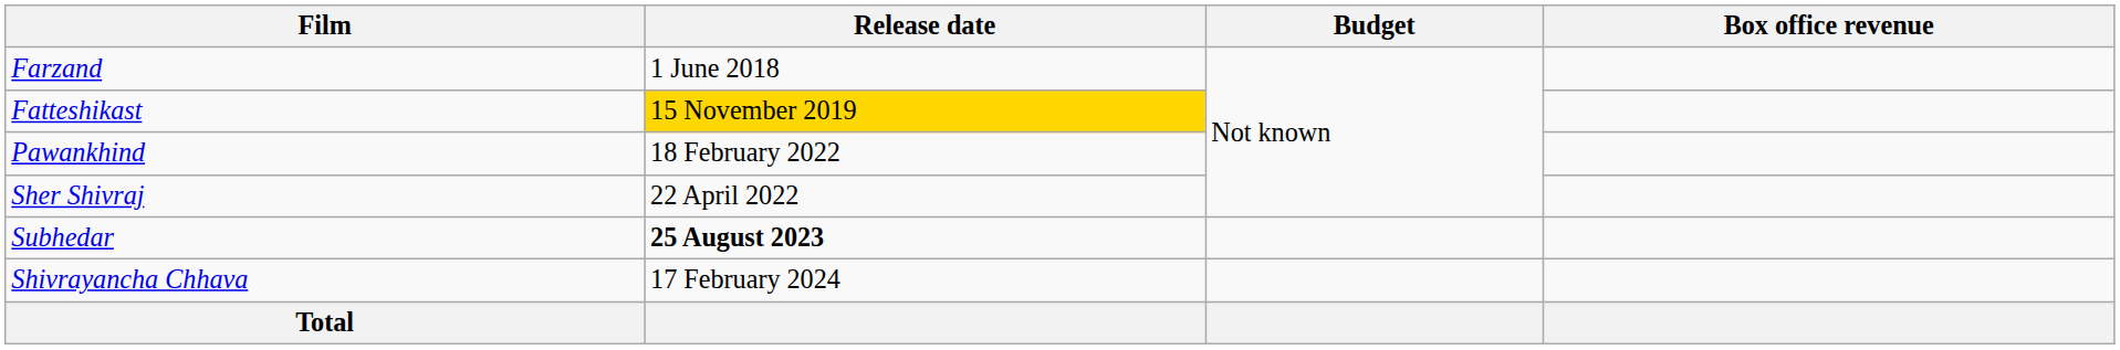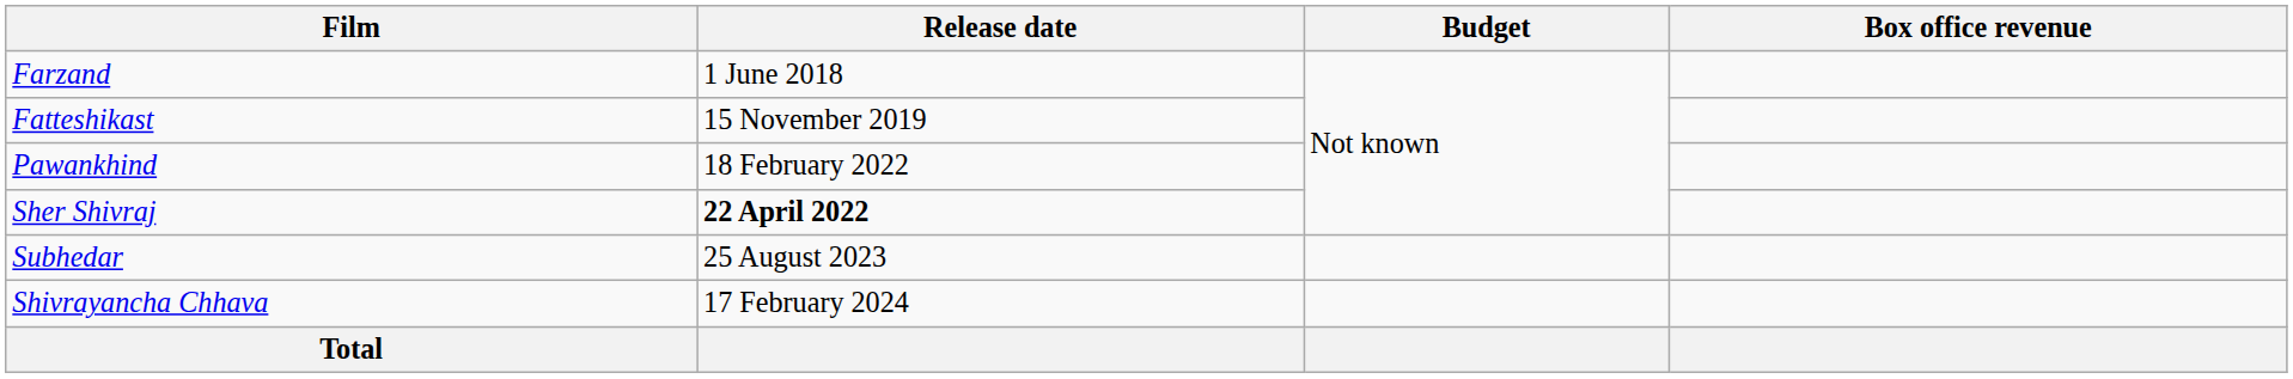 <table class="wikitable" style="width:100%;">
 <tr>
 <th style="text-align:centr;">Film</th>
 <th style="text-align:centr;">Release date</th>
 <th>Budget</th>
 <th style="text-align:centr;">Box office revenue</th>
 </tr>
 <tr>
 <td><em><a href='#'>Farzand</a></em></td>
 <td>1 June 2018</td>
 <td rowspan="4">Not known</td>
 <td></td>
 </tr>
 <tr>
 <td><em><a href='#'>Fatteshikast</a></em></td>
-<td style="background: gold;">15 November 2019</td>
+<td>15 November 2019</td>
 <td></td>
 </tr>
 <tr>
 <td><em><a href='#'>Pawankhind</a></em></td>
 <td>18 February 2022</td>
 <td></td>
 </tr>
 <tr>
 <td><em><a href='#'>Sher Shivraj</a></em></td>
-<td>22 April 2022</td>
+<td><strong>22 April 2022</strong></td>
 <td></td>
 </tr>
 <tr>
 <td><em><a href='#'>Subhedar</a></em></td>
-<td><strong>25 August 2023</strong></td>
+<td>25 August 2023</td>
 <td></td>
 <td></td>
 </tr>
 <tr>
 <td><em><a href='#'>Shivrayancha Chhava</a></em></td>
 <td>17 February 2024</td>
 <td></td>
 <td></td>
 </tr>
 <tr>
 <th>Total</th>
 <th></th>
 <th></th>
 <th> </th>
 </tr>
 </table>
